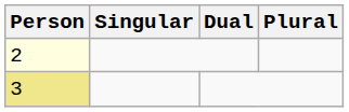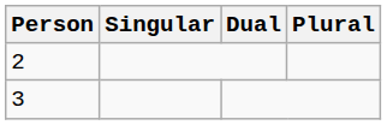 <table class="wikitable">
 <tr>
 <th>Person</th>
 <th>Singular</th>
 <th>Dual</th>
 <th>Plural</th>
 </tr>
 <tr>
-<td style="background: lightyellow;">2</td>
+<td>2</td>
 <td colspan="2"></td>
 <td></td>
 </tr>
 <tr>
-<td style="background: khaki;">3</td>
+<td>3</td>
 <td></td>
 <td colspan="2"></td>
 </tr>
 </table>
